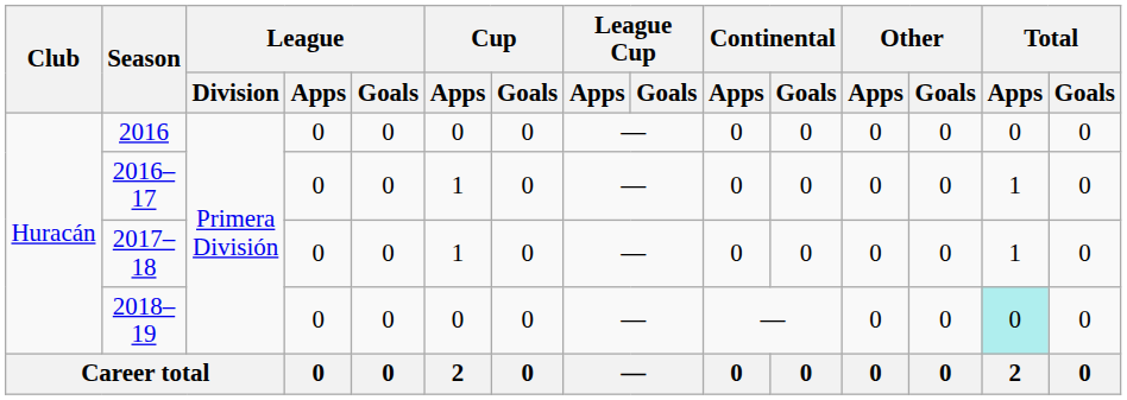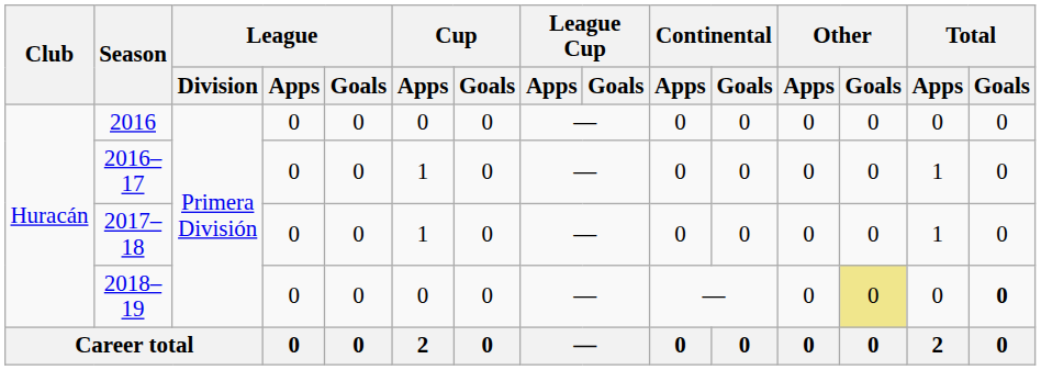 <table class="wikitable" style="text-align:center">
 <tr>
 <th rowspan="2">Club</th>
 <th rowspan="2">Season</th>
 <th colspan="3">League</th>
 <th colspan="2">Cup</th>
 <th colspan="2">League Cup</th>
 <th colspan="2">Continental</th>
 <th colspan="2">Other</th>
 <th colspan="2">Total</th>
 </tr>
 <tr>
 <th>Division</th>
 <th>Apps</th>
 <th>Goals</th>
 <th>Apps</th>
 <th>Goals</th>
 <th>Apps</th>
 <th>Goals</th>
 <th>Apps</th>
 <th>Goals</th>
 <th>Apps</th>
 <th>Goals</th>
 <th>Apps</th>
 <th>Goals</th>
 </tr>
 <tr>
 <td rowspan="4"><a href='#'>Huracán</a></td>
 <td><a href='#'>2016</a></td>
 <td rowspan="4"><a href='#'>Primera División</a></td>
 <td>0</td>
 <td>0</td>
 <td>0</td>
 <td>0</td>
 <td colspan="2">—</td>
 <td>0</td>
 <td>0</td>
 <td>0</td>
 <td>0</td>
 <td>0</td>
 <td>0</td>
 </tr>
 <tr>
 <td><a href='#'>2016–17</a></td>
 <td>0</td>
 <td>0</td>
 <td>1</td>
 <td>0</td>
 <td colspan="2">—</td>
 <td>0</td>
 <td>0</td>
 <td>0</td>
 <td>0</td>
 <td>1</td>
 <td>0</td>
 </tr>
 <tr>
 <td><a href='#'>2017–18</a></td>
 <td>0</td>
 <td>0</td>
 <td>1</td>
 <td>0</td>
 <td colspan="2">—</td>
 <td>0</td>
 <td>0</td>
 <td>0</td>
 <td>0</td>
 <td>1</td>
 <td>0</td>
 </tr>
 <tr>
 <td><a href='#'>2018–19</a></td>
 <td>0</td>
 <td>0</td>
 <td>0</td>
 <td>0</td>
 <td colspan="2">—</td>
 <td colspan="2">—</td>
 <td>0</td>
+<td style="background: khaki;">0</td>
 <td>0</td>
-<td style="background: paleturquoise;">0</td>
-<td>0</td>
+<td><strong>0</strong></td>
 </tr>
 <tr>
 <th colspan="3">Career total</th>
 <th>0</th>
 <th>0</th>
 <th>2</th>
 <th>0</th>
 <th colspan="2">—</th>
 <th>0</th>
 <th>0</th>
 <th>0</th>
 <th>0</th>
 <th>2</th>
 <th>0</th>
 </tr>
 </table>
